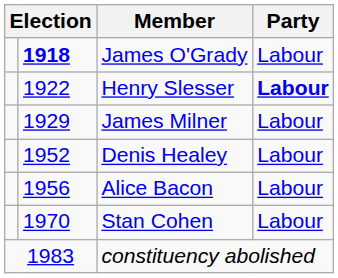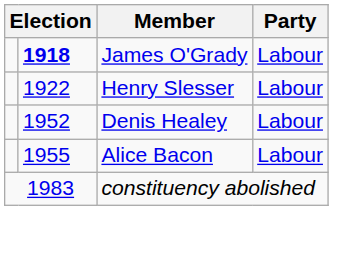 <table class="wikitable">
 <tr>
 <th colspan="2">Election</th>
 <th>Member</th>
 <th>Party</th>
 </tr>
 <tr>
 <td style="color:inherit;background-color: "></td>
 <td><strong><a href='#'>1918</a></strong></td>
 <td><a href='#'>James O'Grady</a></td>
 <td><a href='#'>Labour</a></td>
 </tr>
 <tr>
 <td style="color:inherit;background-color: "></td>
 <td><a href='#'>1922</a></td>
 <td><a href='#'>Henry Slesser</a></td>
-<td><strong><a href='#'>Labour</a></strong></td>
-</tr>
-<tr>
-<td style="color:inherit;background-color: "></td>
-<td><a href='#'>1929</a></td>
-<td><a href='#'>James Milner</a></td>
 <td><a href='#'>Labour</a></td>
 </tr>
 <tr>
 <td style="color:inherit;background-color: "></td>
 <td><a href='#'>1952</a></td>
 <td><a href='#'>Denis Healey</a></td>
 <td><a href='#'>Labour</a></td>
 </tr>
 <tr>
 <td style="color:inherit;background-color: "></td>
-<td><a href='#'>1956</a></td>
+<td><a href='#'>1955</a></td>
 <td><a href='#'>Alice Bacon</a></td>
-<td><a href='#'>Labour</a></td>
-</tr>
-<tr>
-<td style="color:inherit;background-color: "></td>
-<td><a href='#'>1970</a></td>
-<td><a href='#'>Stan Cohen</a></td>
 <td><a href='#'>Labour</a></td>
 </tr>
 <tr>
 <td colspan="2" align="center"><a href='#'>1983</a></td>
 <td colspan="2"><em>constituency abolished</em></td>
 </tr>
 </table>
